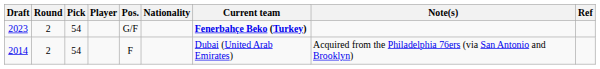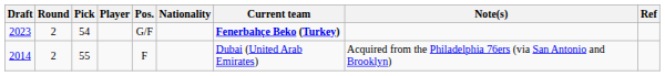 <table class="wikitable sortable" style="text-align:left; font-size:90%;">
 <tr>
 <th>Draft</th>
 <th>Round</th>
 <th>Pick</th>
 <th>Player</th>
 <th>Pos.</th>
 <th>Nationality</th>
 <th>Current team</th>
 <th>Note(s)</th>
 <th class="unsortable">Ref</th>
 </tr>
 <tr>
 <td style="text-align:center;"><a href='#'>2023</a></td>
 <td style="text-align:center;">2</td>
 <td style="text-align:center;">54</td>
 <td></td>
 <td style="text-align:center;">G/F</td>
 <td></td>
 <td><strong><a href='#'>Fenerbahçe Beko</a> (<a href='#'>Turkey</a>)</strong></td>
 <td></td>
 <td style="text-align:center;"></td>
 </tr>
 <tr>
 <td style="text-align:center;"><a href='#'>2014</a></td>
 <td style="text-align:center;">2</td>
-<td style="text-align:center;">54</td>
+<td style="text-align:center;">55</td>
 <td></td>
 <td style="text-align:center;">F</td>
 <td></td>
 <td><a href='#'>Dubai</a> (<a href='#'>United Arab Emirates</a>)</td>
 <td>Acquired from the <a href='#'>Philadelphia 76ers</a> (via <a href='#'>San Antonio</a> and <a href='#'>Brooklyn</a>)</td>
 <td style="text-align:center;"></td>
 </tr>
 </table>
